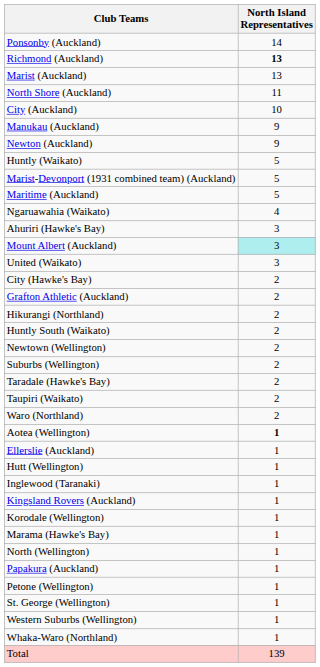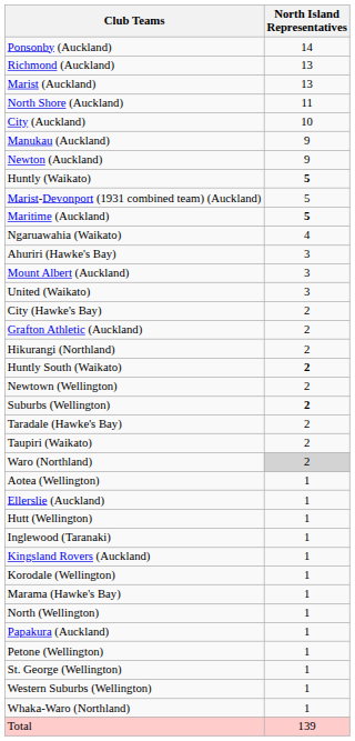 <table class="wikitable" style="text-align:center;">
 <tr>
 <th Teams=200 abbr="Club Teams">Club Teams</th>
 <th width=15 abbr="Players">North Island Representatives</th>
 </tr>
 <tr>
 <td style="text-align:left;"><a href='#'>Ponsonby</a> (Auckland)</td>
 <td>14</td>
 </tr>
 <tr>
 <td style="text-align:left;"><a href='#'>Richmond</a> (Auckland)</td>
-<td><strong>13</strong></td>
+<td>13</td>
 </tr>
 <tr>
 <td style="text-align:left;"><a href='#'>Marist</a> (Auckland)</td>
 <td>13</td>
 </tr>
 <tr>
 <td style="text-align:left;"><a href='#'>North Shore</a> (Auckland)</td>
 <td>11</td>
 </tr>
 <tr>
 <td style="text-align:left;"><a href='#'>City</a> (Auckland)</td>
 <td>10</td>
 </tr>
 <tr>
 <td style="text-align:left;"><a href='#'>Manukau</a> (Auckland)</td>
 <td>9</td>
 </tr>
 <tr>
 <td style="text-align:left;"><a href='#'>Newton</a> (Auckland)</td>
 <td>9</td>
 </tr>
 <tr>
 <td style="text-align:left;">Huntly (Waikato)</td>
-<td>5</td>
+<td><strong>5</strong></td>
 </tr>
 <tr>
 <td style="text-align:left;"><a href='#'>Marist</a>-<a href='#'>Devonport</a> (1931 combined team) (Auckland)</td>
 <td>5</td>
 </tr>
 <tr>
 <td style="text-align:left;"><a href='#'>Maritime</a> (Auckland)</td>
-<td>5</td>
+<td><strong>5</strong></td>
 </tr>
 <tr>
 <td style="text-align:left;">Ngaruawahia (Waikato)</td>
 <td>4</td>
 </tr>
 <tr>
 <td style="text-align:left;">Ahuriri (Hawke's Bay)</td>
 <td>3</td>
 </tr>
 <tr>
 <td style="text-align:left;"><a href='#'>Mount Albert</a> (Auckland)</td>
-<td style="background: paleturquoise;">3</td>
+<td>3</td>
 </tr>
 <tr>
 <td style="text-align:left;">United (Waikato)</td>
 <td>3</td>
 </tr>
 <tr>
 <td style="text-align:left;">City (Hawke's Bay)</td>
 <td>2</td>
 </tr>
 <tr>
 <td style="text-align:left;"><a href='#'>Grafton Athletic</a> (Auckland)</td>
 <td>2</td>
 </tr>
 <tr>
 <td style="text-align:left;">Hikurangi (Northland)</td>
 <td>2</td>
 </tr>
 <tr>
 <td style="text-align:left;">Huntly South (Waikato)</td>
-<td>2</td>
+<td><strong>2</strong></td>
 </tr>
 <tr>
 <td style="text-align:left;">Newtown (Wellington)</td>
 <td>2</td>
 </tr>
 <tr>
 <td style="text-align:left;">Suburbs (Wellington)</td>
-<td>2</td>
+<td><strong>2</strong></td>
 </tr>
 <tr>
 <td style="text-align:left;">Taradale (Hawke's Bay)</td>
 <td>2</td>
 </tr>
 <tr>
 <td style="text-align:left;">Taupiri (Waikato)</td>
 <td>2</td>
 </tr>
 <tr>
 <td style="text-align:left;">Waro (Northland)</td>
-<td>2</td>
+<td style="background: lightgrey;">2</td>
 </tr>
 <tr>
 <td style="text-align:left;">Aotea (Wellington)</td>
-<td><strong>1</strong></td>
+<td>1</td>
 </tr>
 <tr>
 <td style="text-align:left;"><a href='#'>Ellerslie</a> (Auckland)</td>
 <td>1</td>
 </tr>
 <tr>
 <td style="text-align:left;">Hutt (Wellington)</td>
 <td>1</td>
 </tr>
 <tr>
 <td style="text-align:left;">Inglewood (Taranaki)</td>
 <td>1</td>
 </tr>
 <tr>
 <td style="text-align:left;"><a href='#'>Kingsland Rovers</a> (Auckland)</td>
 <td>1</td>
 </tr>
 <tr>
 <td style="text-align:left;">Korodale (Wellington)</td>
 <td>1</td>
 </tr>
 <tr>
 <td style="text-align:left;">Marama (Hawke's Bay)</td>
 <td>1</td>
 </tr>
 <tr>
 <td style="text-align:left;">North (Wellington)</td>
 <td>1</td>
 </tr>
 <tr>
 <td style="text-align:left;"><a href='#'>Papakura</a> (Auckland)</td>
 <td>1</td>
 </tr>
 <tr>
 <td style="text-align:left;">Petone (Wellington)</td>
 <td>1</td>
 </tr>
 <tr>
 <td style="text-align:left;">St. George (Wellington)</td>
 <td>1</td>
 </tr>
 <tr>
 <td style="text-align:left;">Western Suburbs (Wellington)</td>
 <td>1</td>
 </tr>
 <tr>
 <td style="text-align:left;">Whaka-Waro (Northland)</td>
 <td>1</td>
 </tr>
 <tr style="background: #FFCCCC;">
 <td style="text-align:left;">Total</td>
 <td>139</td>
 </tr>
 </table>
